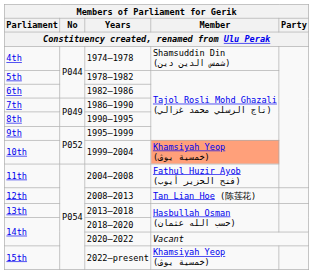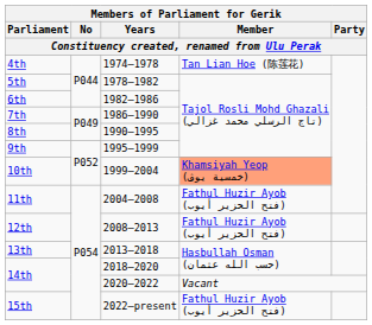 <table class=wikitable>
 <tr>
 <th colspan="5">Members of Parliament for Gerik</th>
 </tr>
 <tr>
 <th>Parliament</th>
 <th>No</th>
 <th>Years</th>
 <th>Member</th>
 <th>Party</th>
 </tr>
 <tr>
 <th colspan="5" align="center"><em>Constituency created, renamed from <a href='#'>Ulu Perak</a></em></th>
 </tr>
 <tr>
 <td><a href='#'>4th</a></td>
 <td rowspan="3">P044</td>
 <td>1974–1978</td>
-<td>Shamsuddin Din <br> (شمس الدين دين)</td>
+<td><a href='#'>Tan Lian Hoe</a> (陈莲花)</td>
 <td rowspan="8"></td>
 </tr>
 <tr>
 <td><a href='#'>5th</a></td>
 <td>1978–1982</td>
 <td rowspan=5><a href='#'>Tajol Rosli Mohd Ghazali</a>  <br>(تاج الرسلي محمد غزالي)</td>
 </tr>
 <tr>
 <td><a href='#'>6th</a></td>
 <td>1982–1986</td>
 </tr>
 <tr>
 <td><a href='#'>7th</a></td>
 <td rowspan="2">P049</td>
 <td>1986–1990</td>
 </tr>
 <tr>
 <td><a href='#'>8th</a></td>
 <td>1990–1995</td>
 </tr>
 <tr>
 <td><a href='#'>9th</a></td>
 <td rowspan="2">P052</td>
 <td>1995–1999</td>
 </tr>
 <tr>
 <td><a href='#'>10th</a></td>
 <td>1999–2004</td>
 <td style="background: lightsalmon;"><a href='#'>Khamsiyah Yeop</a> <br> (خمسية يوڤ)</td>
 </tr>
 <tr>
 <td><a href='#'>11th</a></td>
 <td rowspan="6">P054</td>
 <td>2004–2008</td>
 <td><a href='#'>Fathul Huzir Ayob</a>  <br>(فتح الحزير أيوب)</td>
 </tr>
 <tr>
 <td><a href='#'>12th</a></td>
 <td>2008–2013</td>
-<td><a href='#'>Tan Lian Hoe</a> (陈莲花)</td>
+<td><a href='#'>Fathul Huzir Ayob</a>  <br>(فتح الحزير أيوب)</td>
 <td></td>
 </tr>
 <tr>
 <td><a href='#'>13th</a></td>
 <td>2013–2018</td>
 <td rowspan="2"><a href='#'>Hasbullah Osman</a> <br> (حسب الله عثمان)</td>
 <td rowspan="2"></td>
 </tr>
 <tr>
 <td rowspan="2"><a href='#'>14th</a></td>
 <td>2018–2020</td>
 </tr>
 <tr>
 <td>2020–2022</td>
 <td colspan="2"><em>Vacant</em></td>
 </tr>
 <tr>
 <td><a href='#'>15th</a></td>
 <td>2022–present</td>
-<td><a href='#'>Khamsiyah Yeop</a> <br> (خمسية يوڤ)</td>
+<td><a href='#'>Fathul Huzir Ayob</a>  <br>(فتح الحزير أيوب)</td>
 <td></td>
 </tr>
 </table>
